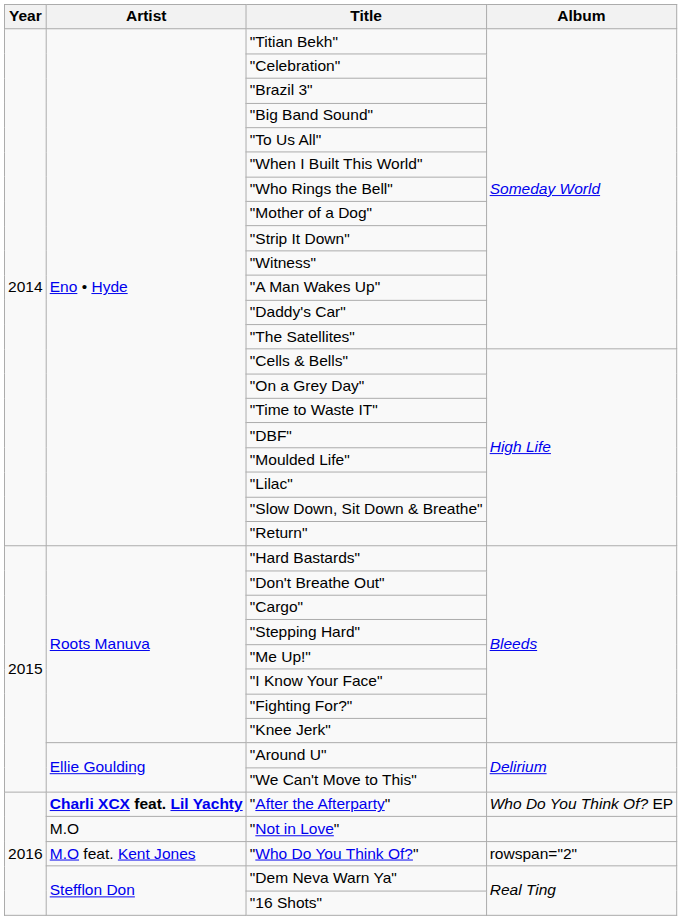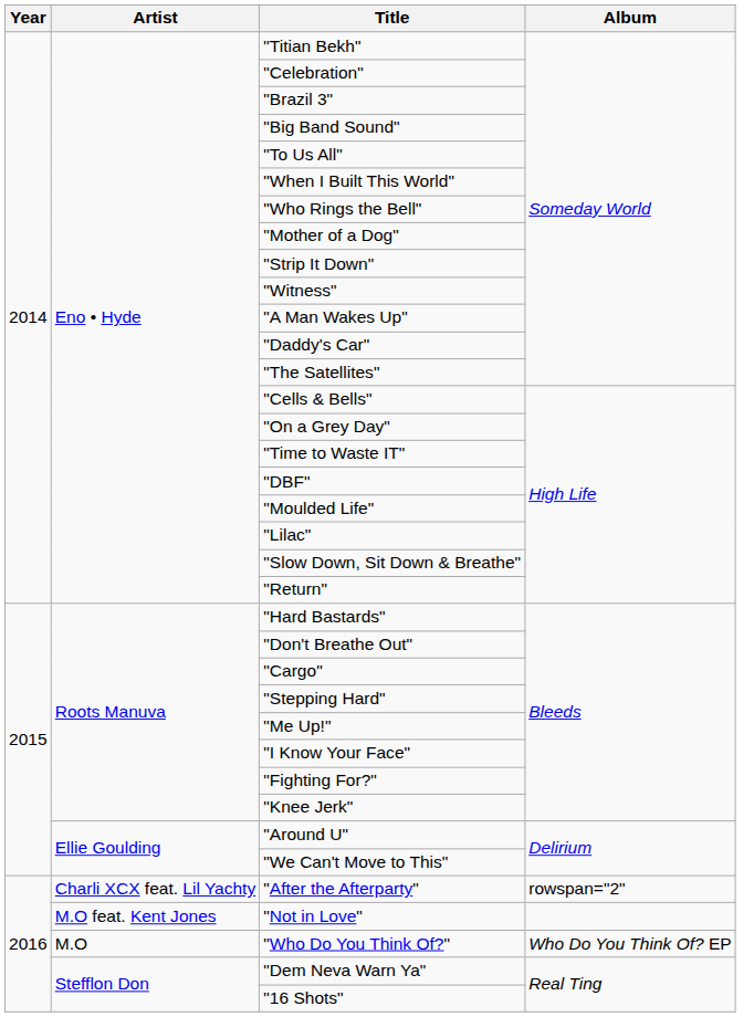 <table class="wikitable">
 <tr>
 <th>Year</th>
 <th>Artist</th>
 <th>Title</th>
 <th>Album</th>
 </tr>
 <tr>
 <td rowspan="21">2014</td>
 <td rowspan="21"><a href='#'>Eno</a> • <a href='#'>Hyde</a></td>
 <td>"Titian Bekh"</td>
 <td rowspan="13"><em><a href='#'>Someday World</a></em></td>
 </tr>
 <tr>
 <td>"Celebration"</td>
 </tr>
 <tr>
 <td>"Brazil 3"</td>
 </tr>
 <tr>
 <td>"Big Band Sound"</td>
 </tr>
 <tr>
 <td>"To Us All"</td>
 </tr>
 <tr>
 <td>"When I Built This World"</td>
 </tr>
 <tr>
 <td>"Who Rings the Bell"</td>
 </tr>
 <tr>
 <td>"Mother of a Dog"</td>
 </tr>
 <tr>
 <td>"Strip It Down"</td>
 </tr>
 <tr>
 <td>"Witness"</td>
 </tr>
 <tr>
 <td>"A Man Wakes Up"</td>
 </tr>
 <tr>
 <td>"Daddy's Car"</td>
 </tr>
 <tr>
 <td>"The Satellites"</td>
 </tr>
 <tr>
 <td>"Cells & Bells"</td>
 <td rowspan="8"><a href='#'><em>High Life</em></a></td>
 </tr>
 <tr>
 <td>"On a Grey Day"</td>
 </tr>
 <tr>
 <td>"Time to Waste IT"</td>
 </tr>
 <tr>
 <td>"DBF"</td>
 </tr>
 <tr>
 <td>"Moulded Life"</td>
 </tr>
 <tr>
 <td>"Lilac"</td>
 </tr>
 <tr>
 <td>"Slow Down, Sit Down & Breathe"</td>
 </tr>
 <tr>
 <td>"Return"</td>
 </tr>
 <tr>
 <td rowspan="10">2015</td>
 <td rowspan="8"><a href='#'>Roots Manuva</a></td>
 <td>"Hard Bastards"</td>
 <td rowspan="8"><a href='#'><em>Bleeds</em></a></td>
 </tr>
 <tr>
 <td>"Don't Breathe Out"</td>
 </tr>
 <tr>
 <td>"Cargo"</td>
 </tr>
 <tr>
 <td>"Stepping Hard"</td>
 </tr>
 <tr>
 <td>"Me Up!"</td>
 </tr>
 <tr>
 <td>"I Know Your Face"</td>
 </tr>
 <tr>
 <td>"Fighting For?"</td>
 </tr>
 <tr>
 <td>"Knee Jerk"</td>
 </tr>
 <tr>
 <td rowspan="2"><a href='#'>Ellie Goulding</a></td>
 <td>"Around U"</td>
 <td rowspan="2"><a href='#'><em>Delirium</em></a></td>
 </tr>
 <tr>
 <td>"We Can't Move to This"</td>
 </tr>
 <tr>
 <td rowspan="5">2016</td>
-<td><strong><a href='#'>Charli XCX</a> feat. <a href='#'>Lil Yachty</a></strong></td>
+<td><a href='#'>Charli XCX</a> feat. <a href='#'>Lil Yachty</a></td>
 <td>"<a href='#'>After the Afterparty</a>"</td>
-<td><em>Who Do You Think Of?</em> EP</td>
+<td>rowspan="2" </td>
+</tr>
+<tr>
+<td><a href='#'>M.O</a> feat. <a href='#'>Kent Jones</a></td>
+<td>"<a href='#'>Not in Love</a>"</td>
 </tr>
 <tr>
 <td>M.O</td>
-<td>"<a href='#'>Not in Love</a>"</td>
-</tr>
-<tr>
-<td><a href='#'>M.O</a> feat. <a href='#'>Kent Jones</a></td>
 <td>"<a href='#'>Who Do You Think Of?</a>"</td>
-<td>rowspan="2" </td>
+<td><em>Who Do You Think Of?</em> EP</td>
 </tr>
 <tr>
 <td rowspan="2"><a href='#'>Stefflon Don</a></td>
 <td>"Dem Neva Warn Ya"</td>
 <td rowspan="2"><em>Real Ting</em></td>
 </tr>
 <tr>
 <td>"16 Shots"</td>
 </tr>
 </table>
